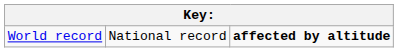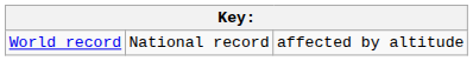 <table class="wikitable">
 <tr>
 <th colspan=4>Key:</th>
 </tr>
 <tr>
 <td><a href='#'>World record</a></td>
 <td>National record</td>
-<td><strong>affected by altitude</strong></td>
+<td>affected by altitude</td>
 </tr>
 </table>
